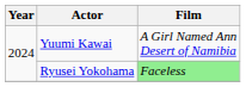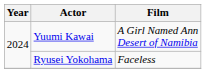 <table class="wikitable sortable">
 <tr>
 <th>Year</th>
 <th>Actor</th>
 <th>Film</th>
 </tr>
 <tr>
 <td rowspan=2>2024</td>
 <td><a href='#'>Yuumi Kawai</a></td>
 <td><em>A Girl Named Ann</em><br><em><a href='#'>Desert of Namibia</a></em></td>
 </tr>
 <tr>
 <td><a href='#'>Ryusei Yokohama</a></td>
-<td style="background: lightgreen;"><em>Faceless</em></td>
+<td><em>Faceless</em></td>
 </tr>
 <tr>
 </tr>
 </table>
